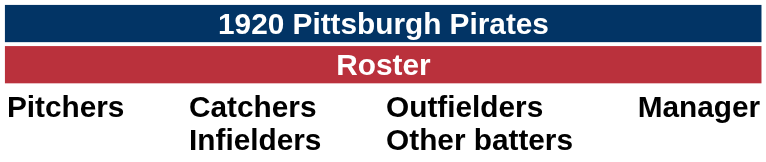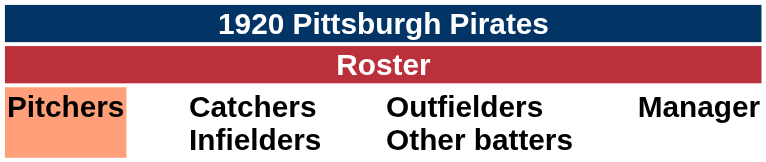 <table class="toccolours" style="font-size: 95%;">
 <tr>
 <th colspan="10" style="background-color: #023465; color: white; text-align: center;">1920 Pittsburgh Pirates</th>
 </tr>
 <tr>
 <td colspan="10" style="background-color: #ba313c; color: white; text-align: center;"><strong>Roster</strong></td>
 </tr>
 <tr>
-<td valign="top"><strong>Pitchers</strong><br>           </td>
+<td valign="top" style="background: lightsalmon;"><strong>Pitchers</strong><br>           </td>
 <td width="25px"></td>
 <td valign="top"><strong>Catchers</strong><br>    <strong>Infielders</strong>         </td>
 <td width="25px"></td>
 <td valign="top"><strong>Outfielders</strong><br>     <strong>Other batters</strong>  </td>
 <td width="25px"></td>
 <td valign="top"><strong>Manager</strong><br></td>
 </tr>
 </table>
